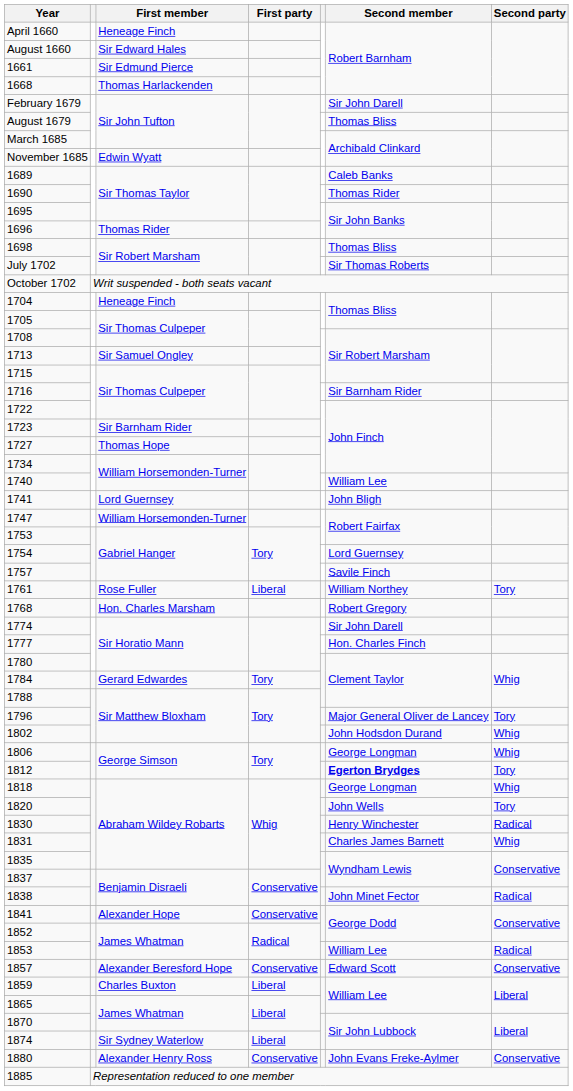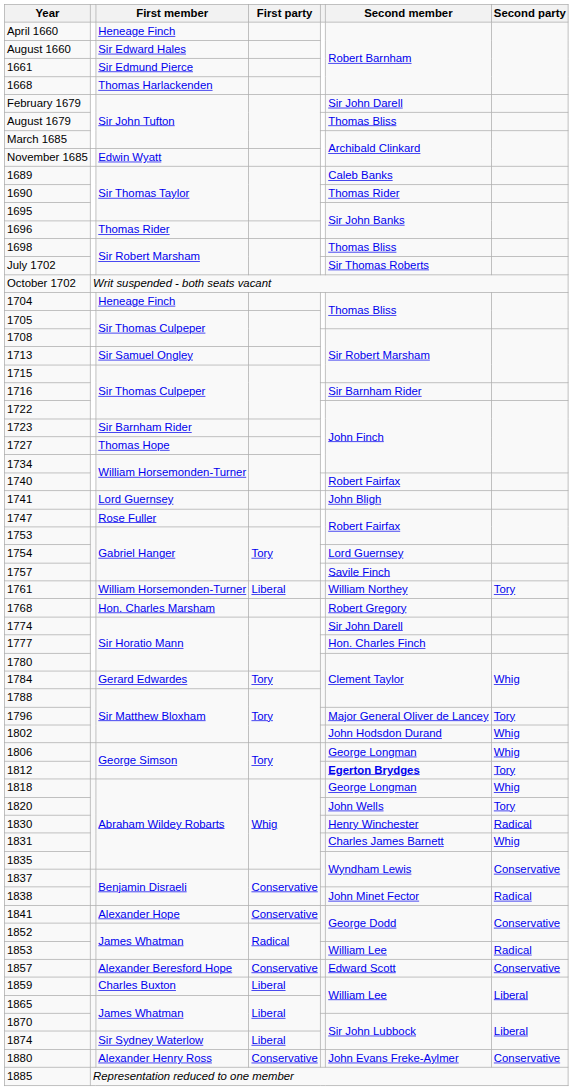 <table class="wikitable">
 <tr>
 <th>Year</th>
 <th></th>
 <th>First member</th>
 <th>First party</th>
 <th></th>
 <th>Second member</th>
 <th>Second party</th>
 </tr>
 <tr>
 <td>April 1660</td>
 <td style="color:inherit;background-color: white"></td>
 <td><a href='#'>Heneage Finch</a></td>
 <td></td>
 <td rowspan="4" style="color:inherit;background-color: white"></td>
 <td rowspan="4"><a href='#'>Robert Barnham</a></td>
 <td rowspan="4"></td>
 </tr>
 <tr>
 <td>August 1660</td>
 <td style="color:inherit;background-color: white"></td>
 <td><a href='#'>Sir Edward Hales</a></td>
 <td></td>
 </tr>
 <tr>
 <td>1661</td>
 <td style="color:inherit;background-color: white"></td>
 <td><a href='#'>Sir Edmund Pierce</a></td>
 <td></td>
 </tr>
 <tr>
 <td>1668</td>
 <td style="color:inherit;background-color: white"></td>
 <td><a href='#'>Thomas Harlackenden</a></td>
 <td></td>
 </tr>
 <tr>
 <td>February 1679</td>
 <td rowspan="3" style="color:inherit;background-color: white"></td>
 <td rowspan="3"><a href='#'>Sir John Tufton</a></td>
 <td rowspan="3"></td>
 <td style="color:inherit;background-color: white"></td>
 <td><a href='#'>Sir John Darell</a></td>
 <td></td>
 </tr>
 <tr>
 <td>August 1679</td>
 <td style="color:inherit;background-color: white"></td>
 <td><a href='#'>Thomas Bliss</a></td>
 <td></td>
 </tr>
 <tr>
 <td>March 1685</td>
 <td rowspan="2" style="color:inherit;background-color: white"></td>
 <td rowspan="2"><a href='#'>Archibald Clinkard</a></td>
 <td rowspan="2"></td>
 </tr>
 <tr>
 <td>November 1685</td>
 <td style="color:inherit;background-color: white"></td>
 <td><a href='#'>Edwin Wyatt</a></td>
 <td></td>
 </tr>
 <tr>
 <td>1689</td>
 <td rowspan="3" style="color:inherit;background-color: white"></td>
 <td rowspan="3"><a href='#'>Sir Thomas Taylor</a></td>
 <td rowspan="3"></td>
 <td style="color:inherit;background-color: white"></td>
 <td><a href='#'>Caleb Banks</a></td>
 <td></td>
 </tr>
 <tr>
 <td>1690</td>
 <td style="color:inherit;background-color: white"></td>
 <td><a href='#'>Thomas Rider</a></td>
 <td></td>
 </tr>
 <tr>
 <td>1695</td>
 <td rowspan="2" style="color:inherit;background-color: white"></td>
 <td rowspan="2"><a href='#'>Sir John Banks</a></td>
 <td rowspan="2"></td>
 </tr>
 <tr>
 <td>1696</td>
 <td style="color:inherit;background-color: white"></td>
 <td><a href='#'>Thomas Rider</a></td>
 <td></td>
 </tr>
 <tr>
 <td>1698</td>
 <td rowspan="2" style="color:inherit;background-color: white"></td>
 <td rowspan="2"><a href='#'>Sir Robert Marsham</a></td>
 <td rowspan="2"></td>
 <td style="color:inherit;background-color: white"></td>
 <td><a href='#'>Thomas Bliss</a></td>
 <td></td>
 </tr>
 <tr>
 <td>July 1702</td>
 <td style="color:inherit;background-color: white"></td>
 <td><a href='#'>Sir Thomas Roberts</a></td>
 <td></td>
 </tr>
 <tr>
 <td>October 1702</td>
 <td colspan="6"><em>Writ suspended - both seats vacant</em></td>
 </tr>
 <tr>
 <td>1704</td>
 <td style="color:inherit;background-color: white"></td>
 <td><a href='#'>Heneage Finch</a></td>
 <td></td>
 <td rowspan="2" style="color:inherit;background-color: white"></td>
 <td rowspan="2"><a href='#'>Thomas Bliss</a></td>
 <td rowspan="2"></td>
 </tr>
 <tr>
 <td>1705</td>
 <td rowspan="2" style="color:inherit;background-color: white"></td>
 <td rowspan="2"><a href='#'>Sir Thomas Culpeper</a></td>
 <td rowspan="2"></td>
 </tr>
 <tr>
 <td>1708</td>
 <td rowspan="3" style="color:inherit;background-color: white"></td>
 <td rowspan="3"><a href='#'>Sir Robert Marsham</a></td>
 <td rowspan="3"></td>
 </tr>
 <tr>
 <td>1713</td>
 <td style="color:inherit;background-color: white"></td>
 <td><a href='#'>Sir Samuel Ongley</a></td>
 <td></td>
 </tr>
 <tr>
 <td>1715</td>
 <td rowspan="3" style="color:inherit;background-color: white"></td>
 <td rowspan="3"><a href='#'>Sir Thomas Culpeper</a></td>
 <td rowspan="3"></td>
 </tr>
 <tr>
 <td>1716</td>
 <td style="color:inherit;background-color: white"></td>
 <td><a href='#'>Sir Barnham Rider</a></td>
 <td></td>
 </tr>
 <tr>
 <td>1722</td>
 <td rowspan="4" style="color:inherit;background-color: white"></td>
 <td rowspan="4"><a href='#'>John Finch</a></td>
 <td rowspan="4"></td>
 </tr>
 <tr>
 <td>1723</td>
 <td style="color:inherit;background-color: white"></td>
 <td><a href='#'>Sir Barnham Rider</a></td>
 <td></td>
 </tr>
 <tr>
 <td>1727</td>
 <td style="color:inherit;background-color: white"></td>
 <td><a href='#'>Thomas Hope</a></td>
 <td></td>
 </tr>
 <tr>
 <td>1734</td>
 <td rowspan="2"  style="color:inherit;background-color: white"></td>
 <td rowspan="2"><a href='#'>William Horsemonden-Turner</a></td>
 <td rowspan="2"></td>
 </tr>
 <tr>
 <td>1740</td>
 <td style="color:inherit;background-color: white"></td>
-<td><a href='#'>William Lee</a></td>
+<td><a href='#'>Robert Fairfax</a></td>
 <td></td>
 </tr>
 <tr>
 <td>1741</td>
 <td style="color:inherit;background-color: white"></td>
 <td><a href='#'>Lord Guernsey</a></td>
 <td></td>
 <td style="color:inherit;background-color: white"></td>
 <td><a href='#'>John Bligh</a></td>
 <td></td>
 </tr>
 <tr>
 <td>1747</td>
 <td style="color:inherit;background-color: white"></td>
-<td><a href='#'>William Horsemonden-Turner</a></td>
+<td><a href='#'>Rose Fuller</a></td>
 <td></td>
 <td rowspan="2" style="color:inherit;background-color: white"></td>
 <td rowspan="2"><a href='#'>Robert Fairfax</a></td>
 <td rowspan="2"></td>
 </tr>
 <tr>
 <td>1753</td>
 <td rowspan="3" style="color:inherit;background-color: "></td>
 <td rowspan="3"><a href='#'>Gabriel Hanger</a></td>
 <td rowspan="3"><a href='#'>Tory</a></td>
 </tr>
 <tr>
 <td>1754</td>
 <td style="color:inherit;background-color: white"></td>
 <td><a href='#'>Lord Guernsey</a></td>
 <td></td>
 </tr>
 <tr>
 <td>1757</td>
 <td style="color:inherit;background-color: white"></td>
 <td><a href='#'>Savile Finch</a></td>
 <td></td>
 </tr>
 <tr>
 <td>1761</td>
 <td style="color:inherit;background-color: "></td>
-<td><a href='#'>Rose Fuller</a></td>
+<td><a href='#'>William Horsemonden-Turner</a></td>
 <td><a href='#'>Liberal</a></td>
 <td style="color:inherit;background-color: "></td>
 <td><a href='#'>William Northey</a></td>
 <td><a href='#'>Tory</a></td>
 </tr>
 <tr>
 <td>1768</td>
 <td style="color:inherit;background-color: white"></td>
 <td><a href='#'>Hon. Charles Marsham</a></td>
 <td></td>
 <td style="color:inherit;background-color: white"></td>
 <td><a href='#'>Robert Gregory</a></td>
 <td></td>
 </tr>
 <tr>
 <td>1774</td>
 <td rowspan="3" style="color:inherit;background-color: white"></td>
 <td rowspan="3"><a href='#'>Sir Horatio Mann</a></td>
 <td rowspan="3"></td>
 <td style="color:inherit;background-color: white"></td>
 <td><a href='#'>Sir John Darell</a></td>
 <td></td>
 </tr>
 <tr>
 <td>1777</td>
 <td style="color:inherit;background-color: white"></td>
 <td><a href='#'>Hon. Charles Finch</a></td>
 <td></td>
 </tr>
 <tr>
 <td>1780</td>
 <td rowspan="3" style="color:inherit;background-color: "></td>
 <td rowspan="3"><a href='#'>Clement Taylor</a></td>
 <td rowspan="3"><a href='#'>Whig</a></td>
 </tr>
 <tr>
 <td>1784</td>
 <td style="color:inherit;background-color: "></td>
 <td><a href='#'>Gerard Edwardes</a></td>
 <td><a href='#'>Tory</a></td>
 </tr>
 <tr>
 <td>1788</td>
 <td rowspan="3" style="color:inherit;background-color: "></td>
 <td rowspan="3"><a href='#'>Sir Matthew Bloxham</a></td>
 <td rowspan="3"><a href='#'>Tory</a></td>
 </tr>
 <tr>
 <td>1796</td>
 <td style="color:inherit;background-color: "></td>
 <td><a href='#'>Major General Oliver de Lancey</a></td>
 <td><a href='#'>Tory</a></td>
 </tr>
 <tr>
 <td>1802</td>
 <td style="color:inherit;background-color: "></td>
 <td><a href='#'>John Hodsdon Durand</a></td>
 <td><a href='#'>Whig</a></td>
 </tr>
 <tr>
 <td>1806</td>
 <td rowspan="2" style="color:inherit;background-color: "></td>
 <td rowspan="2"><a href='#'>George Simson</a></td>
 <td rowspan="2"><a href='#'>Tory</a></td>
 <td style="color:inherit;background-color: "></td>
 <td><a href='#'>George Longman</a></td>
 <td><a href='#'>Whig</a></td>
 </tr>
 <tr>
 <td>1812</td>
 <td style="color:inherit;background-color: "></td>
 <td><strong><a href='#'>Egerton Brydges</a></strong></td>
 <td><a href='#'>Tory</a></td>
 </tr>
 <tr>
 <td>1818</td>
 <td rowspan="5" style="color:inherit;background-color: "></td>
 <td rowspan="5"><a href='#'>Abraham Wildey Robarts</a></td>
 <td rowspan="5"><a href='#'>Whig</a></td>
 <td style="color:inherit;background-color: "></td>
 <td><a href='#'>George Longman</a></td>
 <td><a href='#'>Whig</a></td>
 </tr>
 <tr>
 <td>1820</td>
 <td style="color:inherit;background-color: "></td>
 <td><a href='#'>John Wells</a></td>
 <td><a href='#'>Tory</a></td>
 </tr>
 <tr>
 <td>1830</td>
 <td style="color:inherit;background-color: "></td>
 <td><a href='#'>Henry Winchester</a></td>
 <td><a href='#'>Radical</a></td>
 </tr>
 <tr>
 <td>1831</td>
 <td style="color:inherit;background-color: "></td>
 <td><a href='#'>Charles James Barnett</a></td>
 <td><a href='#'>Whig</a></td>
 </tr>
 <tr>
 <td>1835</td>
 <td rowspan="2" style="color:inherit;background-color: "></td>
 <td rowspan="2"><a href='#'>Wyndham Lewis</a></td>
 <td rowspan="2"><a href='#'>Conservative</a></td>
 </tr>
 <tr>
 <td>1837</td>
 <td rowspan="2" style="color:inherit;background-color: "></td>
 <td rowspan="2"><a href='#'>Benjamin Disraeli</a></td>
 <td rowspan="2"><a href='#'>Conservative</a></td>
 </tr>
 <tr>
 <td>1838</td>
 <td style="color:inherit;background-color: "></td>
 <td><a href='#'>John Minet Fector</a></td>
 <td><a href='#'>Radical</a></td>
 </tr>
 <tr>
 <td>1841</td>
 <td style="color:inherit;background-color: "></td>
 <td><a href='#'>Alexander Hope</a></td>
 <td><a href='#'>Conservative</a></td>
 <td rowspan="2" style="color:inherit;background-color: "></td>
 <td rowspan="2"><a href='#'>George Dodd</a></td>
 <td rowspan="2"><a href='#'>Conservative</a></td>
 </tr>
 <tr>
 <td>1852</td>
 <td rowspan="2" style="color:inherit;background-color: "></td>
 <td rowspan="2"><a href='#'>James Whatman</a></td>
 <td rowspan="2"><a href='#'>Radical</a></td>
 </tr>
 <tr>
 <td>1853</td>
 <td style="color:inherit;background-color: "></td>
 <td><a href='#'>William Lee</a></td>
 <td><a href='#'>Radical</a></td>
 </tr>
 <tr>
 <td>1857</td>
 <td style="color:inherit;background-color: "></td>
 <td><a href='#'>Alexander Beresford Hope</a></td>
 <td><a href='#'>Conservative</a></td>
 <td style="color:inherit;background-color: "></td>
 <td><a href='#'>Edward Scott</a></td>
 <td><a href='#'>Conservative</a></td>
 </tr>
 <tr>
 <td>1859</td>
 <td style="color:inherit;background-color: "></td>
 <td><a href='#'>Charles Buxton</a></td>
 <td><a href='#'>Liberal</a></td>
 <td rowspan="2" style="color:inherit;background-color: "></td>
 <td rowspan="2"><a href='#'>William Lee</a></td>
 <td rowspan="2"><a href='#'>Liberal</a></td>
 </tr>
 <tr>
 <td>1865</td>
 <td rowspan="2" style="color:inherit;background-color: "></td>
 <td rowspan="2"><a href='#'>James Whatman</a></td>
 <td rowspan="2"><a href='#'>Liberal</a></td>
 </tr>
 <tr>
 <td>1870</td>
 <td rowspan="2" style="color:inherit;background-color: "></td>
 <td rowspan="2"><a href='#'>Sir John Lubbock</a></td>
 <td rowspan="2"><a href='#'>Liberal</a></td>
 </tr>
 <tr>
 <td>1874</td>
 <td style="color:inherit;background-color: "></td>
 <td><a href='#'>Sir Sydney Waterlow</a></td>
 <td><a href='#'>Liberal</a></td>
 </tr>
 <tr>
 <td>1880</td>
 <td style="color:inherit;background-color: "></td>
 <td><a href='#'>Alexander Henry Ross</a></td>
 <td><a href='#'>Conservative</a></td>
 <td style="color:inherit;background-color: "></td>
 <td><a href='#'>John Evans Freke-Aylmer</a></td>
 <td><a href='#'>Conservative</a></td>
 </tr>
 <tr>
 <td>1885</td>
 <td colspan="6"><em>Representation reduced to one member</em></td>
 </tr>
 </table>
